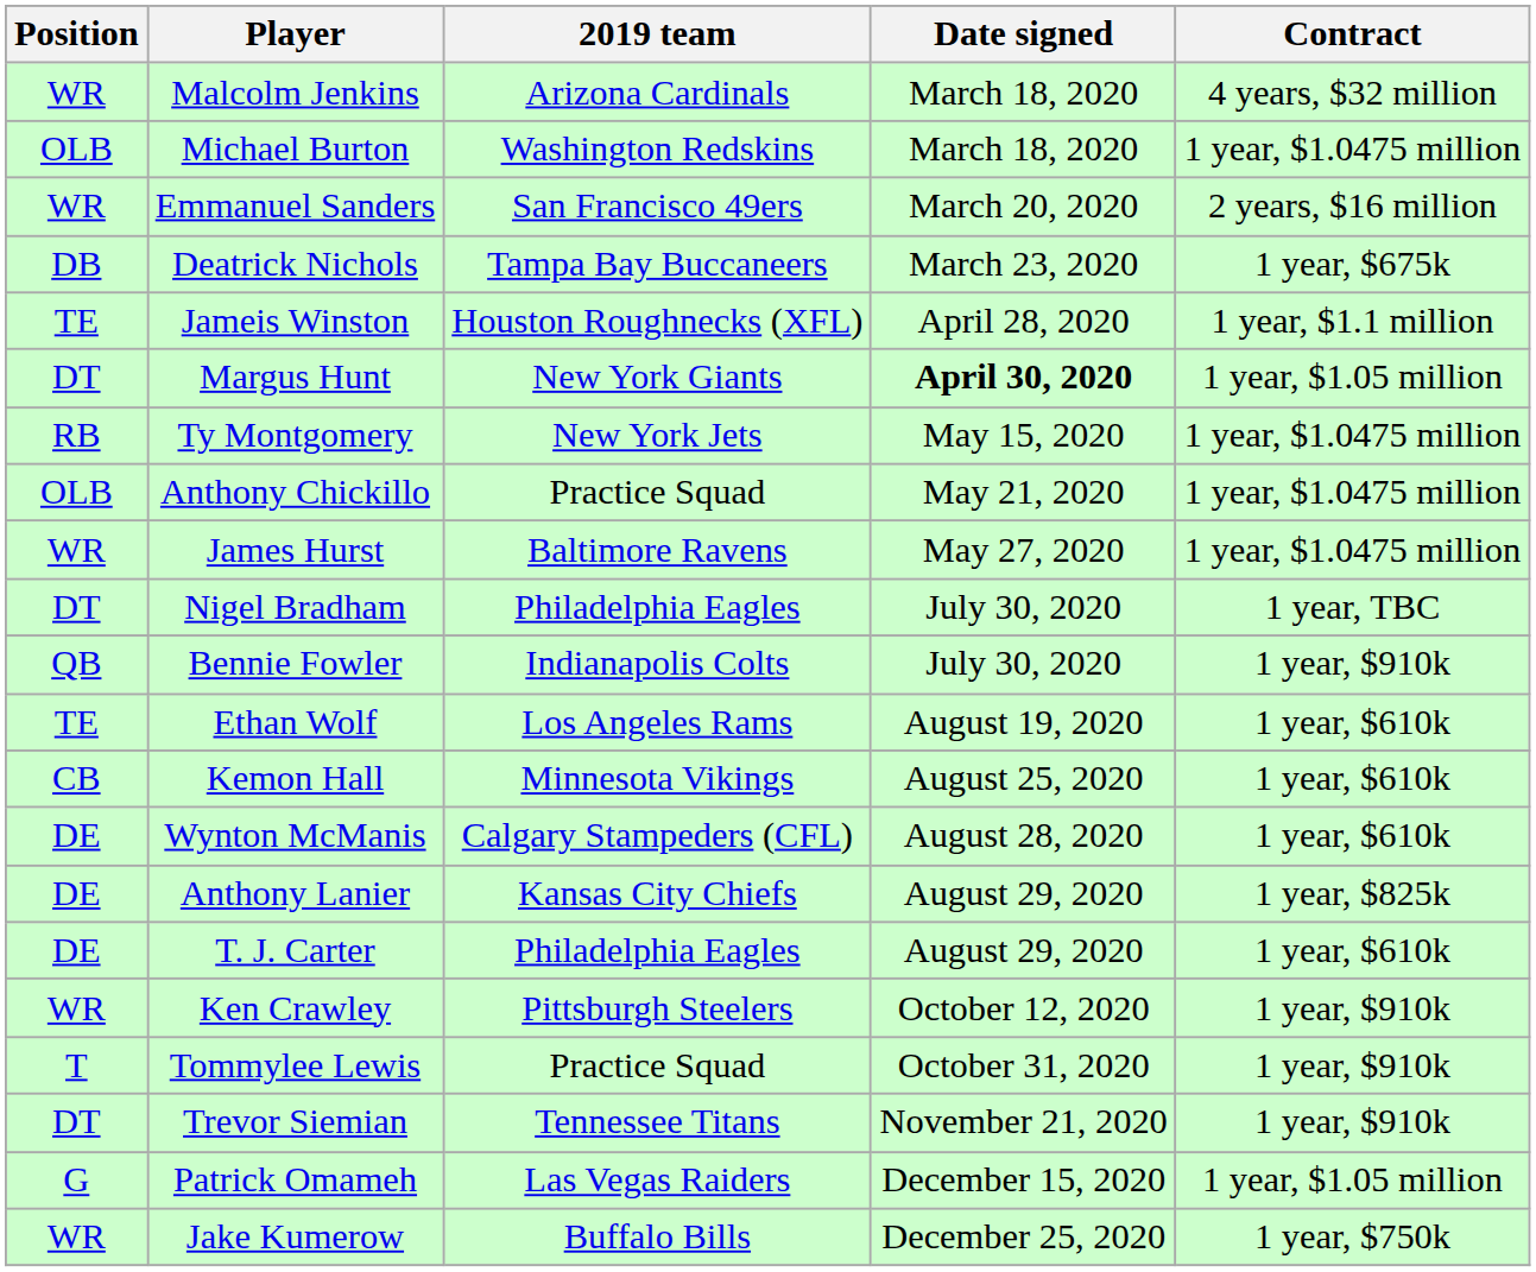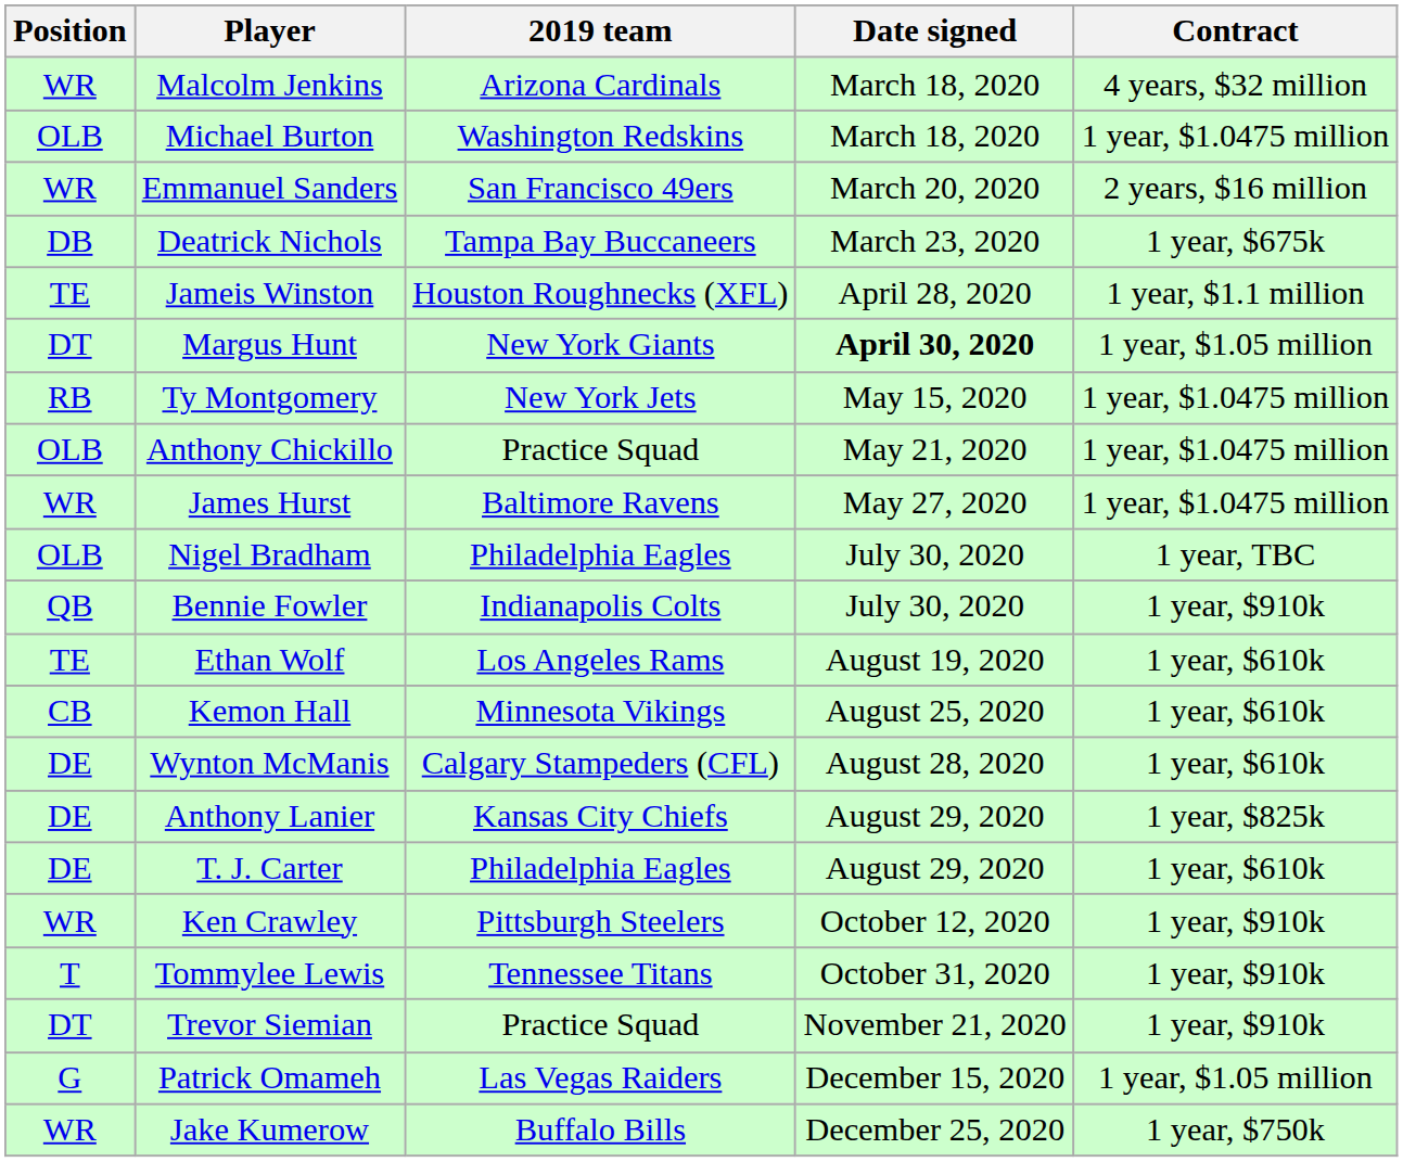 <table class="wikitable" style="text-align:center">
 <tr>
 <th>Position</th>
 <th>Player</th>
 <th>2019 team</th>
 <th>Date signed</th>
 <th>Contract</th>
 </tr>
 <tr style="background:#cfc">
 <td><a href='#'>WR</a></td>
 <td><a href='#'>Malcolm Jenkins</a></td>
 <td><a href='#'>Arizona Cardinals</a></td>
 <td>March 18, 2020</td>
 <td>4 years, $32 million</td>
 </tr>
 <tr style="background:#cfc">
 <td><a href='#'>OLB</a></td>
 <td><a href='#'>Michael Burton</a></td>
 <td><a href='#'>Washington Redskins</a></td>
 <td>March 18, 2020</td>
 <td>1 year, $1.0475 million</td>
 </tr>
 <tr style="background:#cfc">
 <td><a href='#'>WR</a></td>
 <td><a href='#'>Emmanuel Sanders</a></td>
 <td><a href='#'>San Francisco 49ers</a></td>
 <td>March 20, 2020</td>
 <td>2 years, $16 million</td>
 </tr>
 <tr style="background:#cfc">
 <td><a href='#'>DB</a></td>
 <td><a href='#'>Deatrick Nichols</a></td>
 <td><a href='#'>Tampa Bay Buccaneers</a></td>
 <td>March 23, 2020</td>
 <td>1 year, $675k</td>
 </tr>
 <tr style="background:#cfc">
 <td><a href='#'>TE</a></td>
 <td><a href='#'>Jameis Winston</a></td>
 <td><a href='#'>Houston Roughnecks</a> (<a href='#'>XFL</a>)</td>
 <td>April 28, 2020</td>
 <td>1 year, $1.1 million</td>
 </tr>
 <tr style="background:#cfc">
 <td><a href='#'>DT</a></td>
 <td><a href='#'>Margus Hunt</a></td>
 <td><a href='#'>New York Giants</a></td>
 <td><strong>April 30, 2020</strong></td>
 <td>1 year, $1.05 million</td>
 </tr>
 <tr style="background:#cfc">
 <td><a href='#'>RB</a></td>
 <td><a href='#'>Ty Montgomery</a></td>
 <td><a href='#'>New York Jets</a></td>
 <td>May 15, 2020</td>
 <td>1 year, $1.0475 million</td>
 </tr>
 <tr style="background:#cfc">
 <td><a href='#'>OLB</a></td>
 <td><a href='#'>Anthony Chickillo</a></td>
 <td>Practice Squad</td>
 <td>May 21, 2020</td>
 <td>1 year, $1.0475 million</td>
 </tr>
 <tr style="background:#cfc">
 <td><a href='#'>WR</a></td>
 <td><a href='#'>James Hurst</a></td>
 <td><a href='#'>Baltimore Ravens</a></td>
 <td>May 27, 2020</td>
 <td>1 year, $1.0475 million</td>
 </tr>
 <tr style="background:#cfc">
-<td><a href='#'>DT</a></td>
+<td><a href='#'>OLB</a></td>
 <td><a href='#'>Nigel Bradham</a></td>
 <td><a href='#'>Philadelphia Eagles</a></td>
 <td>July 30, 2020</td>
 <td>1 year, TBC</td>
 </tr>
 <tr style="background:#cfc">
 <td><a href='#'>QB</a></td>
 <td><a href='#'>Bennie Fowler</a></td>
 <td><a href='#'>Indianapolis Colts</a></td>
 <td>July 30, 2020</td>
 <td>1 year, $910k</td>
 </tr>
 <tr style="background:#cfc">
 <td><a href='#'>TE</a></td>
 <td><a href='#'>Ethan Wolf</a></td>
 <td><a href='#'>Los Angeles Rams</a></td>
 <td>August 19, 2020</td>
 <td>1 year, $610k</td>
 </tr>
 <tr style="background:#cfc">
 <td><a href='#'>CB</a></td>
 <td><a href='#'>Kemon Hall</a></td>
 <td><a href='#'>Minnesota Vikings</a></td>
 <td>August 25, 2020</td>
 <td>1 year, $610k</td>
 </tr>
 <tr style="background:#cfc">
 <td><a href='#'>DE</a></td>
 <td><a href='#'>Wynton McManis</a></td>
 <td><a href='#'>Calgary Stampeders</a> (<a href='#'>CFL</a>)</td>
 <td>August 28, 2020</td>
 <td>1 year, $610k</td>
 </tr>
 <tr style="background:#cfc">
 <td><a href='#'>DE</a></td>
 <td><a href='#'>Anthony Lanier</a></td>
 <td><a href='#'>Kansas City Chiefs</a></td>
 <td>August 29, 2020</td>
 <td>1 year, $825k</td>
 </tr>
 <tr style="background:#cfc">
 <td><a href='#'>DE</a></td>
 <td><a href='#'>T. J. Carter</a></td>
 <td><a href='#'>Philadelphia Eagles</a></td>
 <td>August 29, 2020</td>
 <td>1 year, $610k</td>
 </tr>
 <tr style="background:#cfc">
 <td><a href='#'>WR</a></td>
 <td><a href='#'>Ken Crawley</a></td>
 <td><a href='#'>Pittsburgh Steelers</a></td>
 <td>October 12, 2020</td>
 <td>1 year, $910k</td>
 </tr>
 <tr style="background:#cfc">
 <td><a href='#'>T</a></td>
 <td><a href='#'>Tommylee Lewis</a></td>
-<td>Practice Squad</td>
+<td><a href='#'>Tennessee Titans</a></td>
 <td>October 31, 2020</td>
 <td>1 year, $910k</td>
 </tr>
 <tr style="background:#cfc">
 <td><a href='#'>DT</a></td>
 <td><a href='#'>Trevor Siemian</a></td>
-<td><a href='#'>Tennessee Titans</a></td>
+<td>Practice Squad</td>
 <td>November 21, 2020</td>
 <td>1 year, $910k</td>
 </tr>
 <tr style="background:#cfc">
 <td><a href='#'>G</a></td>
 <td><a href='#'>Patrick Omameh</a></td>
 <td><a href='#'>Las Vegas Raiders</a></td>
 <td>December 15, 2020</td>
 <td>1 year, $1.05 million</td>
 </tr>
 <tr style="background:#cfc">
 <td><a href='#'>WR</a></td>
 <td><a href='#'>Jake Kumerow</a></td>
 <td><a href='#'>Buffalo Bills</a></td>
 <td>December 25, 2020</td>
 <td>1 year, $750k</td>
 </tr>
 </table>
